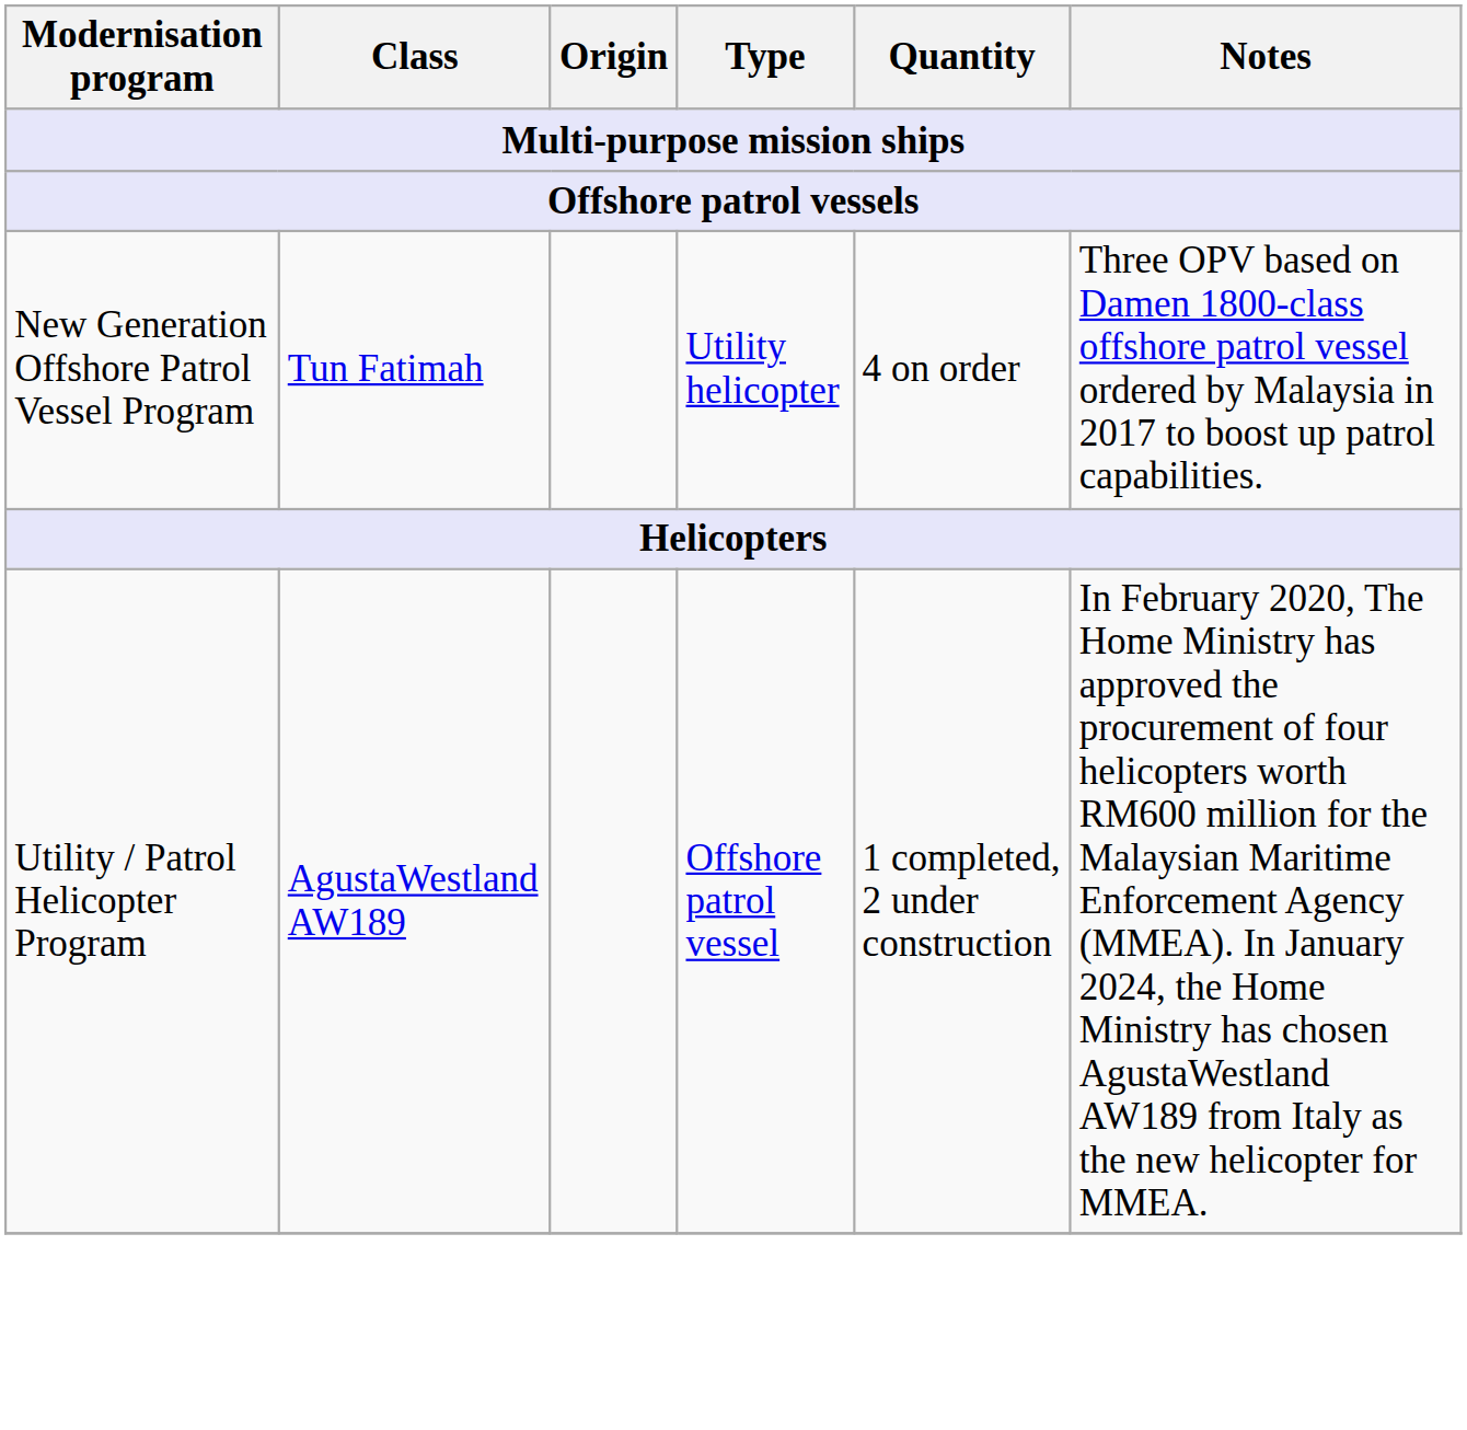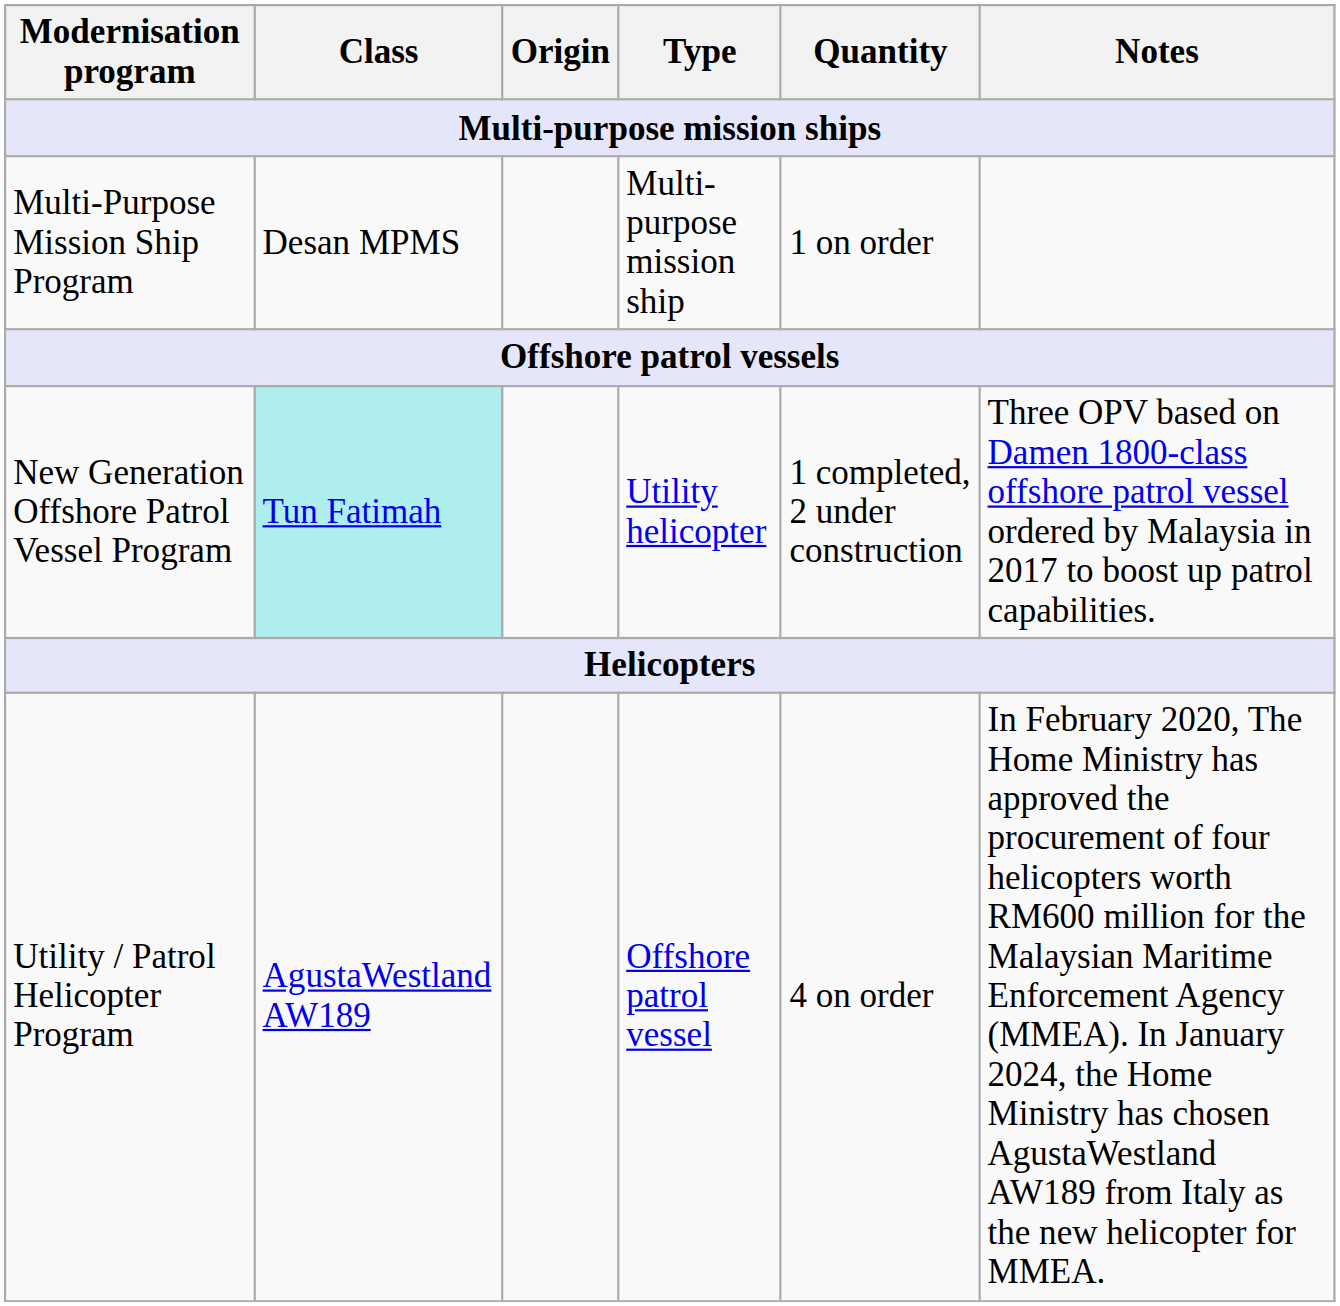 <table class="wikitable">
 <tr>
 <th>Modernisation program</th>
 <th>Class</th>
 <th>Origin</th>
 <th>Type</th>
 <th>Quantity</th>
 <th>Notes</th>
 </tr>
 <tr>
 <th colspan="6" style="align: center; background: lavender;">Multi-purpose mission ships</th>
 </tr>
 <tr>
+<td>Multi-Purpose Mission Ship Program</td>
+<td>Desan MPMS</td>
+<td></td>
+<td>Multi-purpose mission ship</td>
+<td>1 on order</td>
+<td></td>
+</tr>
+<tr>
 <th colspan="6" style="align: center; background: lavender;">Offshore patrol vessels</th>
 </tr>
 <tr>
 <td>New Generation Offshore Patrol Vessel Program</td>
-<td><a href='#'>Tun Fatimah</a></td>
+<td style="background: paleturquoise;"><a href='#'>Tun Fatimah</a></td>
 <td> <br> </td>
 <td><a href='#'>Utility helicopter</a></td>
-<td>4 on order</td>
+<td>1 completed, 2 under construction</td>
 <td>Three OPV based on <a href='#'>Damen 1800-class offshore patrol vessel</a> ordered by Malaysia in 2017 to boost up patrol capabilities.</td>
 </tr>
 <tr>
 <th colspan="6" style="align: center; background: lavender;">Helicopters</th>
 </tr>
 <tr>
 <td>Utility / Patrol Helicopter Program</td>
 <td><a href='#'>AgustaWestland AW189</a></td>
 <td></td>
 <td><a href='#'>Offshore patrol vessel</a></td>
-<td>1 completed, 2 under construction</td>
+<td>4 on order</td>
 <td>In February 2020, The Home Ministry has approved the procurement of four helicopters worth RM600 million for the Malaysian Maritime Enforcement Agency (MMEA). In January 2024, the Home Ministry has chosen AgustaWestland AW189 from Italy as the new helicopter for MMEA.</td>
 </tr>
 <tr>
 </tr>
 </table>
